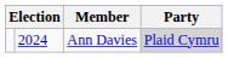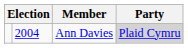 <table class="wikitable">
 <tr>
 <th colspan="2">Election</th>
 <th>Member</th>
 <th>Party</th>
 </tr>
 <tr>
 <td style="color:inherit;background-color: "></td>
-<td><a href='#'>2024</a></td>
+<td><a href='#'>2004</a></td>
 <td><a href='#'>Ann Davies</a></td>
 <td style="background: lightgrey;"><a href='#'>Plaid Cymru</a></td>
 </tr>
 </table>
